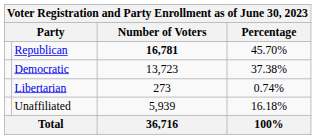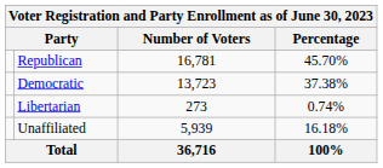 <table class=wikitable>
 <tr>
 <th colspan = 6>Voter Registration and Party Enrollment as of June 30, 2023</th>
 </tr>
 <tr>
 <th colspan = 2>Party</th>
 <th>Number of Voters</th>
 <th>Percentage</th>
 </tr>
 <tr>
 <td></td>
 <td><a href='#'>Republican</a></td>
-<td align = center><strong>16,781</strong></td>
+<td align = center>16,781</td>
 <td align = center>45.70%</td>
 </tr>
 <tr>
 <td></td>
 <td><a href='#'>Democratic</a></td>
 <td align = center>13,723</td>
 <td align = center>37.38%</td>
 </tr>
 <tr>
 <td></td>
 <td><a href='#'>Libertarian</a></td>
 <td align = center>273</td>
 <td align = center>0.74%</td>
 </tr>
 <tr>
 <td></td>
 <td>Unaffiliated</td>
 <td align = center>5,939</td>
 <td align = center>16.18%</td>
 </tr>
 <tr>
 <th colspan = 2>Total</th>
 <th align = center>36,716</th>
 <th align = center>100%</th>
 </tr>
 </table>
